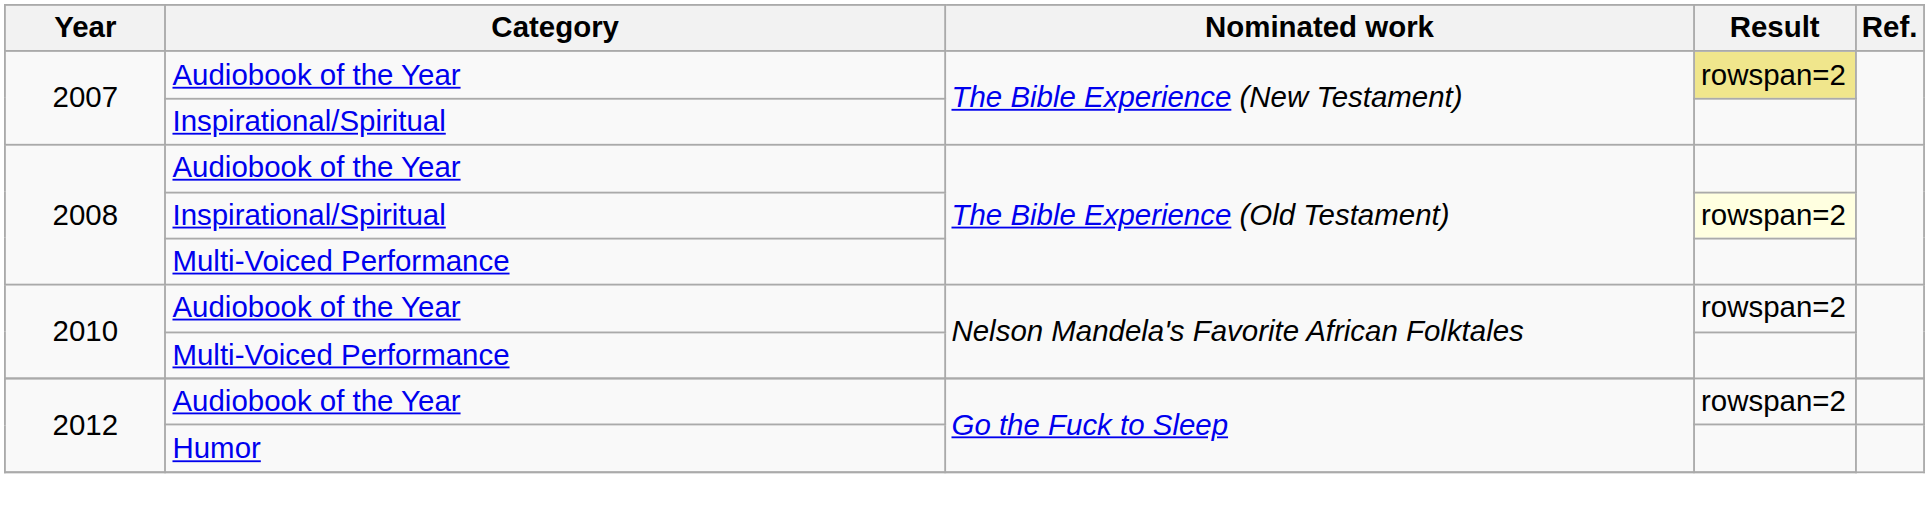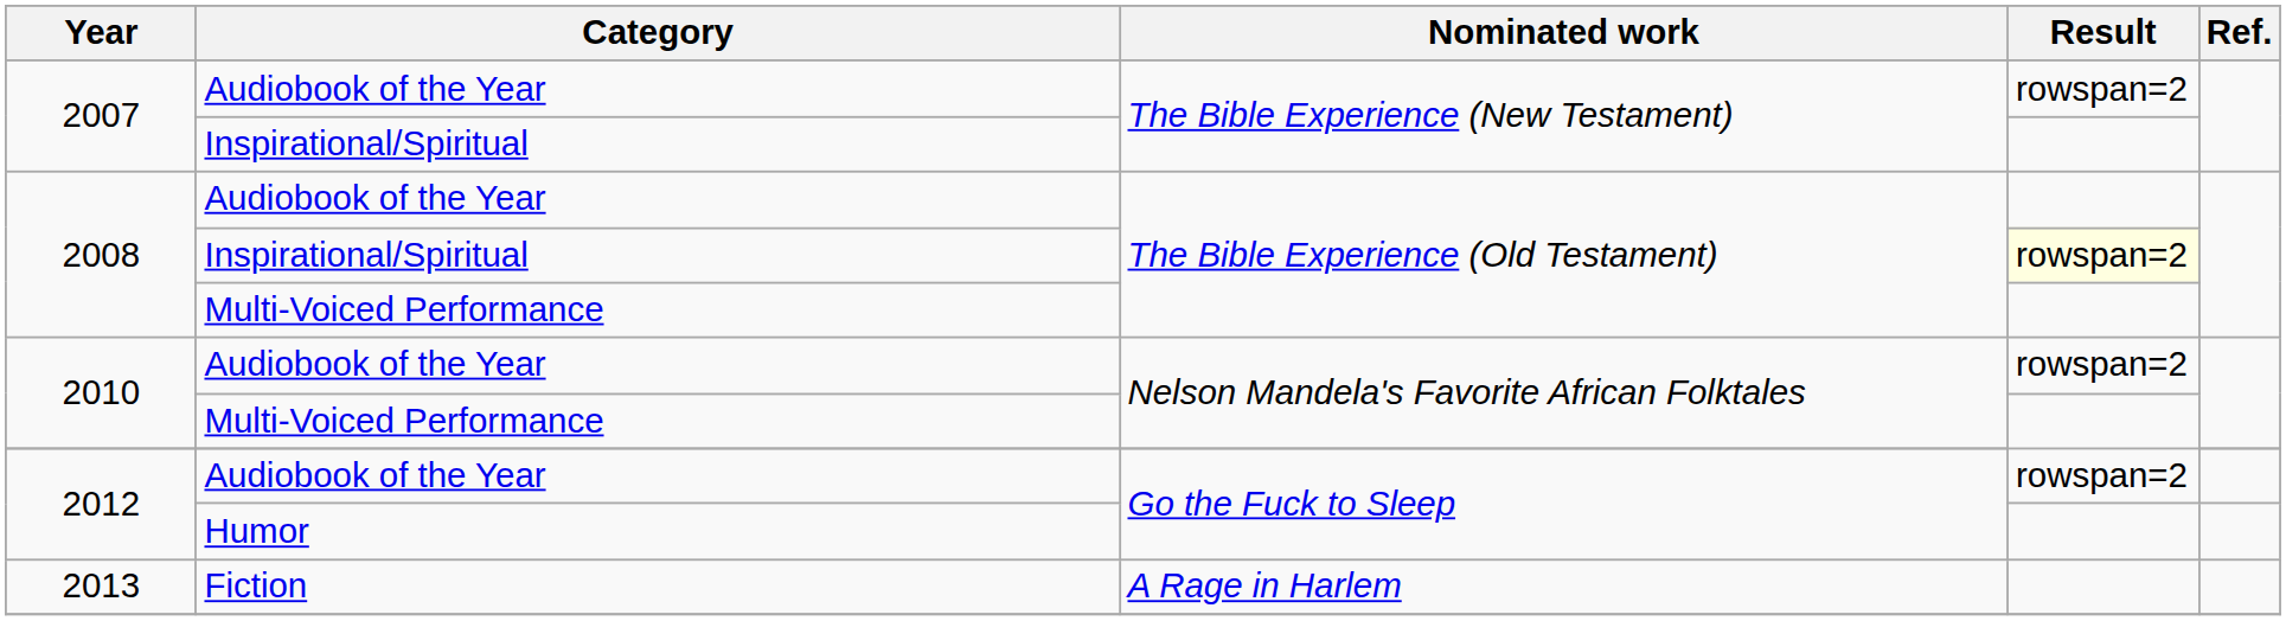 <table class=wikitable>
 <tr>
 <th scope="col" style="width:5em;">Year</th>
 <th scope="col" style="width:26em;">Category</th>
 <th scope="col" style="width:25em;">Nominated work</th>
 <th scope="col" style="width:5em;">Result</th>
 <th>Ref.</th>
 </tr>
 <tr>
 <td style="text-align:center;"rowspan=2>2007</td>
 <td><a href='#'>Audiobook of the Year</a></td>
 <td rowspan=2><em><a href='#'>The Bible Experience</a> (New Testament)</em></td>
-<td style="background: khaki;">rowspan=2 </td>
+<td>rowspan=2 </td>
 <td rowspan=2></td>
 </tr>
 <tr>
 <td><a href='#'>Inspirational/Spiritual</a></td>
 </tr>
 <tr>
 <td style="text-align:center;"rowspan=3>2008</td>
 <td><a href='#'>Audiobook of the Year</a></td>
 <td rowspan=3><em><a href='#'>The Bible Experience</a> (Old Testament)</em></td>
 <td></td>
 <td rowspan=3></td>
 </tr>
 <tr>
 <td><a href='#'>Inspirational/Spiritual</a></td>
 <td style="background: lightyellow;">rowspan=2 </td>
 </tr>
 <tr>
 <td><a href='#'>Multi-Voiced Performance</a></td>
 </tr>
 <tr>
 <td style="text-align:center;"rowspan=2>2010</td>
 <td><a href='#'>Audiobook of the Year</a></td>
 <td rowspan=2><em>Nelson Mandela's Favorite African Folktales</em></td>
 <td>rowspan=2 </td>
 <td rowspan=2></td>
 </tr>
 <tr>
 <td><a href='#'>Multi-Voiced Performance</a></td>
 </tr>
 <tr>
 </tr>
 <tr>
 <td style="text-align:center;"rowspan=2>2012</td>
 <td><a href='#'>Audiobook of the Year</a></td>
 <td rowspan=2><em><a href='#'>Go the Fuck to Sleep</a></em></td>
 <td>rowspan=2 </td>
 <td></td>
 </tr>
 <tr>
 <td><a href='#'>Humor</a></td>
 <td><br></td>
 </tr>
 <tr>
+<td style="text-align:center;">2013</td>
+<td><a href='#'>Fiction</a></td>
+<td><em><a href='#'>A Rage in Harlem</a></em></td>
+<td></td>
+<td></td>
+</tr>
+<tr>
 </tr>
 </table>
